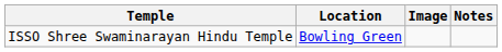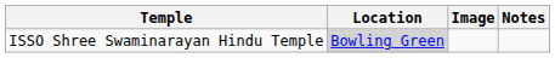 <table class="wikitable sortable" id="tableTempleWikiKS">
 <tr>
 <th>Temple</th>
 <th>Location</th>
 <th>Image</th>
 <th>Notes</th>
 </tr>
 <tr>
 <td>ISSO Shree Swaminarayan Hindu Temple</td>
-<td><a href='#'>Bowling Green</a></td>
+<td style="background: lightgrey;"><a href='#'>Bowling Green</a></td>
 <td></td>
 </tr>
 </table>
